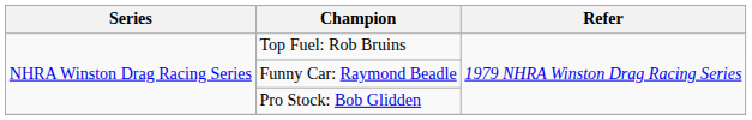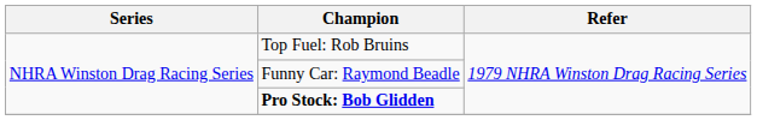 <table class="wikitable" style="font-size:87%;">
 <tr>
 <th>Series</th>
 <th>Champion</th>
 <th>Refer</th>
 </tr>
 <tr>
 <td rowspan=3><a href='#'>NHRA Winston Drag Racing Series</a></td>
 <td>Top Fuel:  Rob Bruins</td>
 <td rowspan=3><em><a href='#'>1979 NHRA Winston Drag Racing Series</a></em></td>
 </tr>
 <tr>
 <td>Funny Car:  <a href='#'>Raymond Beadle</a></td>
 </tr>
 <tr>
-<td>Pro Stock:  <a href='#'>Bob Glidden</a></td>
+<td><strong>Pro Stock:  <a href='#'>Bob Glidden</a></strong></td>
 </tr>
 <tr>
 </tr>
 </table>
